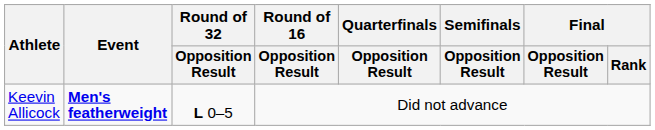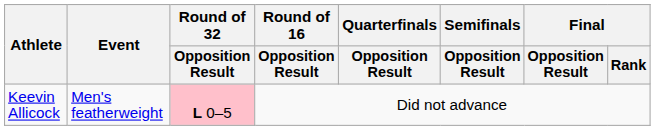 <table class="wikitable" style="font-size:90%">
 <tr>
 <th rowspan="2">Athlete</th>
 <th rowspan="2">Event</th>
 <th>Round of 32</th>
 <th>Round of 16</th>
 <th>Quarterfinals</th>
 <th>Semifinals</th>
 <th colspan=2>Final</th>
 </tr>
 <tr style="font-size:95%">
 <th>Opposition<br>Result</th>
 <th>Opposition<br>Result</th>
 <th>Opposition<br>Result</th>
 <th>Opposition<br>Result</th>
 <th>Opposition<br>Result</th>
 <th>Rank</th>
 </tr>
 <tr align=center>
 <td align=left><a href='#'>Keevin Allicock</a></td>
-<td align=left><strong><a href='#'>Men's featherweight</a></strong></td>
-<td><br><strong>L</strong> 0–5</td>
+<td align=left><a href='#'>Men's featherweight</a></td>
+<td style="background: pink;"><br><strong>L</strong> 0–5</td>
 <td colspan=5>Did not advance</td>
 </tr>
 </table>
